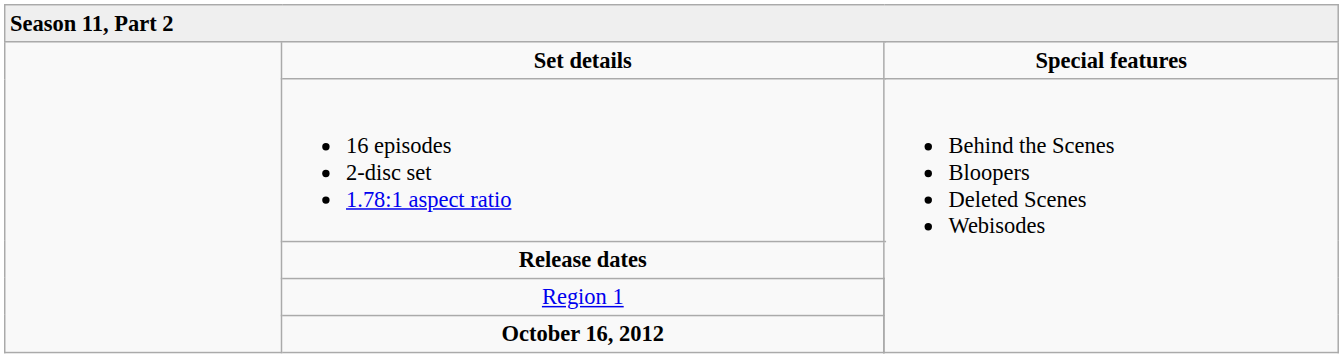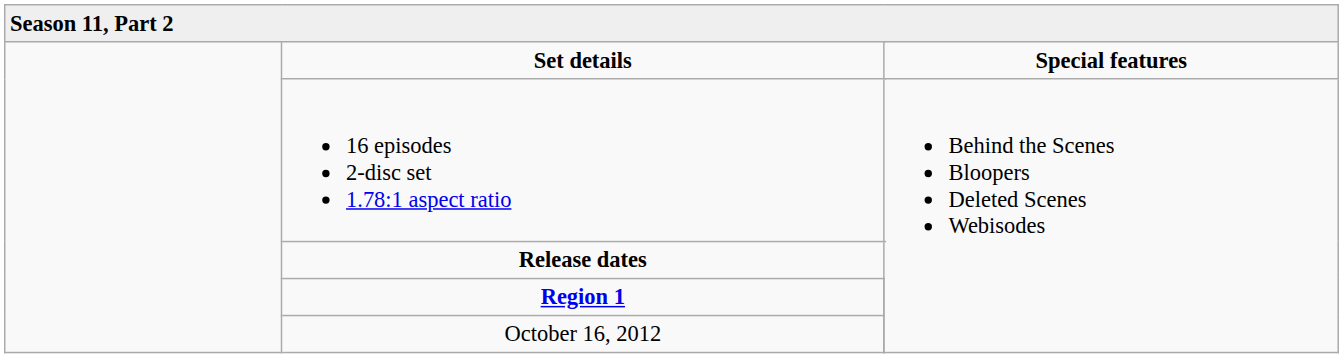 <table class="wikitable" style="font-size: 95%;">
 <tr style="background:#EFEFEF">
 <td colspan="5"><strong>Season 11, Part 2</strong></td>
 </tr>
 <tr valign="top">
 <td rowspan="5" valign="center" align="center" width="180"></td>
 <td align="center" width="400" colspan="3"><strong>Set details</strong></td>
 <td width="300" align="center"><strong>Special features</strong></td>
 </tr>
 <tr valign="top">
 <td colspan="3" align="left" width="400"><br><ul><li>16 episodes</li><li>2-disc set</li><li><a href='#'>1.78:1 aspect ratio</a></li></ul></td>
 <td rowspan="4" align="left" width="300"><br><ul><li>Behind the Scenes</li><li>Bloopers</li><li>Deleted Scenes</li><li>Webisodes</li></ul></td>
 </tr>
 <tr>
 <td colspan="3" align="center"><strong>Release dates</strong></td>
 </tr>
 <tr>
-<td align="center"> <a href='#'>Region 1</a><br></td>
+<td align="center"><strong> <a href='#'>Region 1</a><br></strong></td>
 </tr>
 <tr>
-<td align="center"><strong>October 16, 2012<br></strong></td>
+<td align="center">October 16, 2012<br></td>
 </tr>
 </table>
